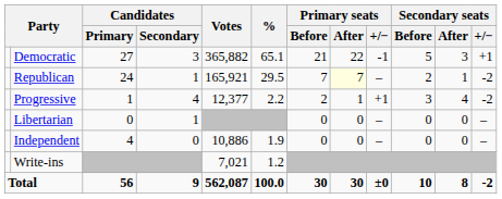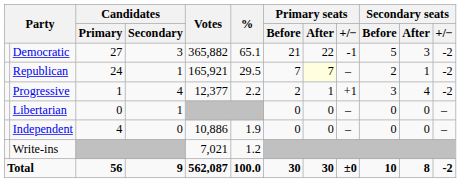 <table class="wikitable">
 <tr>
 <th colspan="2" rowspan="2">Party</th>
 <th colspan="2">Candidates</th>
 <th rowspan="2">Votes</th>
 <th rowspan="2">%</th>
 <th colspan="3">Primary seats</th>
 <th colspan="3">Secondary seats</th>
 </tr>
 <tr>
 <th>Primary</th>
 <th>Secondary</th>
 <th>Before</th>
 <th>After</th>
 <th>+/−</th>
 <th>Before</th>
 <th>After</th>
 <th>+/−</th>
 </tr>
 <tr>
 <td style="background-color:"></td>
 <td><a href='#'>Democratic</a></td>
 <td style="text-align:right;">27</td>
 <td style="text-align:right;">3</td>
 <td style="text-align:right;">365,882</td>
 <td style="text-align:right;">65.1</td>
 <td style="text-align:right;">21</td>
 <td style="text-align:right;">22</td>
 <td style="text-align:right;">-1</td>
 <td style="text-align:right;">5</td>
 <td style="text-align:right;">3</td>
-<td style="text-align:right;">+1</td>
+<td style="text-align:right;">-2</td>
 </tr>
 <tr>
 <td style="background-color:"></td>
 <td><a href='#'>Republican</a></td>
 <td style="text-align:right;">24</td>
 <td style="text-align:right;">1</td>
 <td style="text-align:right;">165,921</td>
 <td style="text-align:right;">29.5</td>
 <td style="text-align:right;">7</td>
 <td style="background: lightyellow; text-align:right;">7</td>
 <td style="text-align:center;">–</td>
 <td style="text-align:right;">2</td>
 <td style="text-align:right;">1</td>
 <td style="text-align:right;">-2</td>
 </tr>
 <tr>
 <td style="background-color:"></td>
 <td><a href='#'>Progressive</a></td>
 <td style="text-align:right;">1</td>
 <td style="text-align:right;">4</td>
 <td style="text-align:right;">12,377</td>
 <td style="text-align:right;">2.2</td>
 <td style="text-align:right;">2</td>
 <td style="text-align:right;">1</td>
 <td style="text-align:right;">+1</td>
 <td style="text-align:right;">3</td>
 <td style="text-align:right;">4</td>
 <td style="text-align:right;">-2</td>
 </tr>
 <tr>
 <td style="background-color:"></td>
 <td><a href='#'>Libertarian</a></td>
 <td style="text-align:right;">0</td>
 <td style="text-align:right;">1</td>
 <td style="text-align:right; background:silver;" colspan=2></td>
 <td style="text-align:right;">0</td>
 <td style="text-align:right;">0</td>
 <td style="text-align:center;">–</td>
 <td style="text-align:right;">0</td>
 <td style="text-align:right;">0</td>
 <td style="text-align:center;">–</td>
 </tr>
 <tr>
 <td style="background-color:"></td>
 <td><a href='#'>Independent</a></td>
 <td style="text-align:right;">4</td>
 <td style="text-align:right;">0</td>
 <td style="text-align:right;">10,886</td>
 <td style="text-align:right;">1.9</td>
 <td style="text-align:right;">0</td>
 <td style="text-align:right;">0</td>
 <td style="text-align:center;">–</td>
 <td style="text-align:right;">0</td>
 <td style="text-align:right;">0</td>
 <td style="text-align:center;">–</td>
 </tr>
 <tr>
 <td style="background-color:"></td>
 <td>Write-ins</td>
 <td style="text-align:right; background:silver;" colspan=2></td>
 <td style="text-align:right;">7,021</td>
 <td style="text-align:right;">1.2</td>
 <td style="text-align:right; background:silver;" colspan=6></td>
 </tr>
 <tr>
 <td colspan="2"><strong>Total</strong></td>
 <td style="text-align:right;"><strong>56</strong></td>
 <td style="text-align:right;"><strong>9</strong></td>
 <td style="text-align:right;"><strong>562,087</strong></td>
 <td style="text-align:right;"><strong>100.0</strong></td>
 <td style="text-align:right;"><strong>30</strong></td>
 <td style="text-align:right;"><strong>30</strong></td>
 <td style="text-align:right;"><strong>±0</strong></td>
 <td style="text-align:right;"><strong>10</strong></td>
 <td style="text-align:right;"><strong>8</strong></td>
 <td style="text-align:right;"><strong>-2</strong></td>
 </tr>
 </table>
